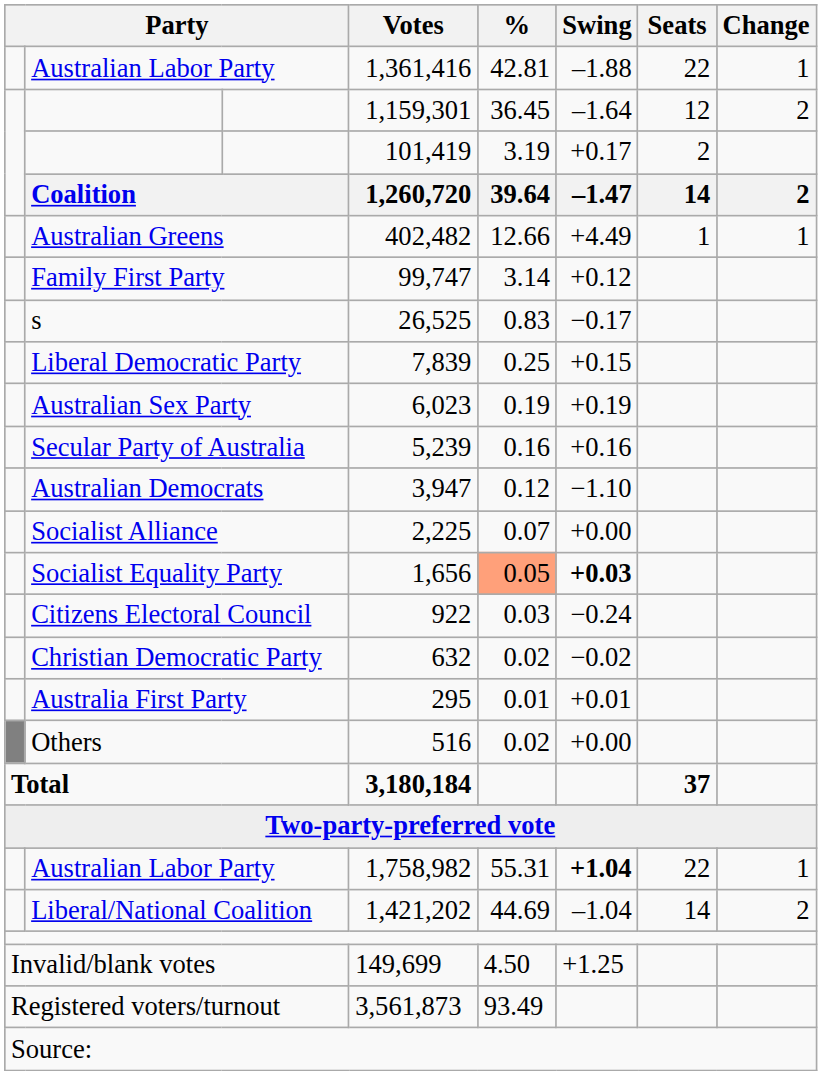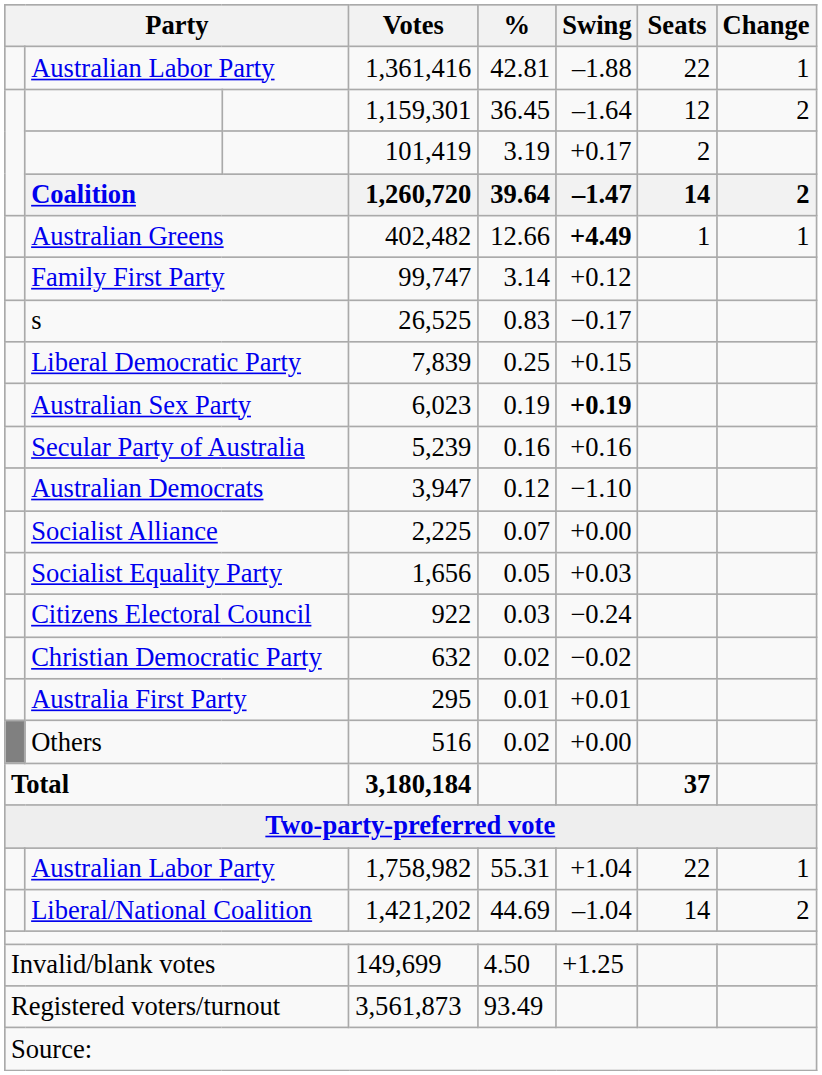 <table class="wikitable">
 <tr>
 <th style="width:200px" colspan=3><strong>Party</strong></th>
 <th style="width:70px; text-align:center;"><strong>Votes</strong></th>
 <th style="width:40px; text-align:center;"><strong>%</strong></th>
 <th style="width:40px; text-align:center;"><strong>Swing</strong></th>
 <th style="width:40px; text-align:center;"><strong>Seats</strong></th>
 <th style="width:40px; text-align:center;"><strong>Change</strong></th>
 </tr>
 <tr>
 <td> </td>
 <td colspan=2><a href='#'>Australian Labor Party</a></td>
 <td align=right>1,361,416</td>
 <td align=right>42.81</td>
 <td align=right>–1.88</td>
 <td align=right>22</td>
 <td align=right> 1</td>
 </tr>
 <tr>
 <td rowspan="3"> </td>
 <td> </td>
 <td></td>
 <td align="right">1,159,301</td>
 <td align="right">36.45</td>
 <td align="right">–1.64</td>
 <td align="right">12</td>
 <td align="right"> 2</td>
 </tr>
 <tr>
 <td> </td>
 <td></td>
 <td align="right">101,419</td>
 <td align="right">3.19</td>
 <td align="right">+0.17</td>
 <td align="right">2</td>
 <td align="right"></td>
 </tr>
 <tr>
 <th colspan="2" style="text-align:left;"><a href='#'>Coalition</a></th>
 <th style="text-align:right;">1,260,720</th>
 <th style="text-align:right;">39.64</th>
 <th style="text-align:right;">–1.47</th>
 <th style="text-align:right;">14</th>
 <th style="text-align:right;"> 2</th>
 </tr>
 <tr>
 <td> </td>
 <td colspan=2><a href='#'>Australian Greens</a></td>
 <td align=right>402,482</td>
 <td align=right>12.66</td>
-<td align=right>+4.49</td>
+<td align=right><strong>+4.49</strong></td>
 <td align=right>1</td>
 <td align=right> 1</td>
 </tr>
 <tr>
 <td> </td>
 <td colspan=2><a href='#'>Family First Party</a></td>
 <td align=right>99,747</td>
 <td align=right>3.14</td>
 <td align=right>+0.12</td>
 <td align=right></td>
 <td align=right></td>
 </tr>
 <tr>
 <td> </td>
 <td colspan="2">s</td>
 <td align="right">26,525</td>
 <td align="right">0.83</td>
 <td align="right">−0.17</td>
 <td align="right"></td>
 <td align="right"></td>
 </tr>
 <tr>
 <td> </td>
 <td colspan="2"><a href='#'>Liberal Democratic Party</a></td>
 <td align="right">7,839</td>
 <td align="right">0.25</td>
 <td align="right">+0.15</td>
 <td align="right"></td>
 <td align="right"></td>
 </tr>
 <tr>
 <td> </td>
 <td colspan="2"><a href='#'>Australian Sex Party</a></td>
 <td align="right">6,023</td>
 <td align="right">0.19</td>
-<td align="right">+0.19</td>
+<td align="right"><strong>+0.19</strong></td>
 <td align="right"></td>
 <td align="right"></td>
 </tr>
 <tr>
 <td> </td>
 <td colspan="2"><a href='#'>Secular Party of Australia</a></td>
 <td align="right">5,239</td>
 <td align="right">0.16</td>
 <td align="right">+0.16</td>
 <td align="right"></td>
 <td align="right"></td>
 </tr>
 <tr>
 <td> </td>
 <td colspan="2"><a href='#'>Australian Democrats</a></td>
 <td align="right">3,947</td>
 <td align="right">0.12</td>
 <td align="right">−1.10</td>
 <td align="right"></td>
 <td align="right"></td>
 </tr>
 <tr>
 <td> </td>
 <td colspan="2"><a href='#'>Socialist Alliance</a></td>
 <td align="right">2,225</td>
 <td align="right">0.07</td>
 <td align="right">+0.00</td>
 <td align="right"></td>
 <td align="right"></td>
 </tr>
 <tr>
 <td> </td>
 <td colspan="2"><a href='#'>Socialist Equality Party</a></td>
 <td align="right">1,656</td>
-<td align="right" style="background: lightsalmon;">0.05</td>
-<td align="right"><strong>+0.03</strong></td>
+<td align="right">0.05</td>
+<td align="right">+0.03</td>
 <td align="right"></td>
 <td align="right"></td>
 </tr>
 <tr>
 <td> </td>
 <td colspan="2"><a href='#'>Citizens Electoral Council</a></td>
 <td align="right">922</td>
 <td align="right">0.03</td>
 <td align="right">−0.24</td>
 <td align="right"></td>
 <td align="right"></td>
 </tr>
 <tr>
 <td> </td>
 <td colspan="2"><a href='#'>Christian Democratic Party</a></td>
 <td align="right">632</td>
 <td align="right">0.02</td>
 <td align="right">−0.02</td>
 <td align="right"></td>
 <td align="right"></td>
 </tr>
 <tr>
 <td> </td>
 <td colspan="2"><a href='#'>Australia First Party</a></td>
 <td align="right">295</td>
 <td align="right">0.01</td>
 <td align="right">+0.01</td>
 <td align="right"></td>
 <td align="right"></td>
 </tr>
 <tr>
 <td style="background:gray;"> </td>
 <td colspan=2>Others</td>
 <td align=right>516</td>
 <td align=right>0.02</td>
 <td align=right>+0.00</td>
 <td align=right></td>
 <td align=right></td>
 </tr>
 <tr>
 <td colspan="3"><strong>Total</strong></td>
 <td align="right"><strong>3,180,184</strong></td>
 <td align="right"><strong> </strong></td>
 <td align="right"><strong> </strong></td>
 <td align=right><strong>37</strong></td>
 <td align=right></td>
 </tr>
 <tr>
 <td colspan="8" style="text-align:center; background:#eee;"><strong><a href='#'>Two-party-preferred vote</a></strong></td>
 </tr>
 <tr>
 <td> </td>
 <td colspan=2><a href='#'>Australian Labor Party</a></td>
 <td align=right>1,758,982</td>
 <td align=right>55.31</td>
-<td align=right><strong>+1.04</strong></td>
+<td align=right>+1.04</td>
 <td align=right>22</td>
 <td align=right> 1</td>
 </tr>
 <tr>
 <td> </td>
 <td colspan=2><a href='#'>Liberal/National Coalition</a></td>
 <td align=right>1,421,202</td>
 <td align=right>44.69</td>
 <td align=right>–1.04</td>
 <td align=right>14</td>
 <td align=right> 2</td>
 </tr>
 <tr>
 <td colspan="8"></td>
 </tr>
 <tr>
 <td colspan="3">Invalid/blank votes</td>
 <td>149,699</td>
 <td>4.50</td>
 <td>+1.25</td>
 <td></td>
 <td></td>
 </tr>
 <tr>
 <td colspan="3">Registered voters/turnout</td>
 <td>3,561,873</td>
 <td>93.49</td>
 <td></td>
 <td></td>
 <td></td>
 </tr>
 <tr>
 <td colspan="8">Source: </td>
 </tr>
 </table>
